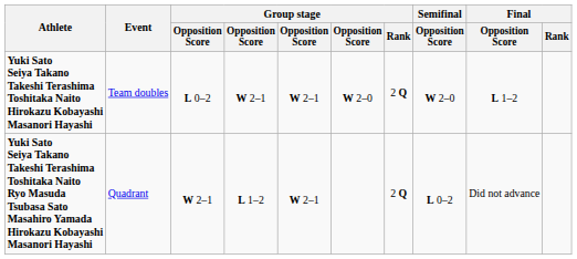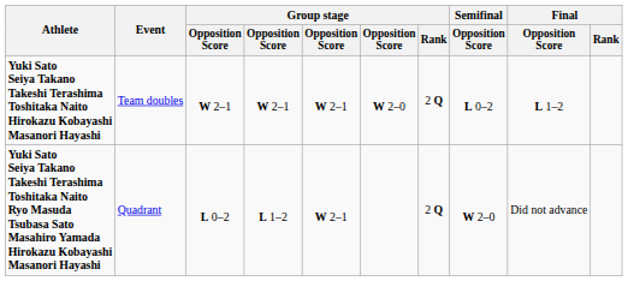 <table class=wikitable style=font-size:90%;text-align:center>
 <tr>
 <th rowspan="2">Athlete</th>
 <th rowspan="2">Event</th>
 <th colspan=5>Group stage</th>
 <th>Semifinal</th>
 <th colspan=2>Final</th>
 </tr>
 <tr style="font-size:95%">
 <th>Opposition<br>Score</th>
 <th>Opposition<br>Score</th>
 <th>Opposition<br>Score</th>
 <th>Opposition<br>Score</th>
 <th>Rank</th>
 <th>Opposition<br>Score</th>
 <th>Opposition<br>Score</th>
 <th>Rank</th>
 </tr>
 <tr>
 <td style="text-align:left"><strong>Yuki Sato<br>Seiya Takano<br>Takeshi Terashima<br>Toshitaka Naito<br>Hirokazu Kobayashi<br>Masanori Hayashi</strong></td>
 <td style="text-align:left"><a href='#'>Team doubles</a></td>
-<td><br><strong>L</strong> 0–2</td>
+<td><br><strong>W</strong> 2–1</td>
 <td><br><strong>W</strong> 2–1</td>
 <td><br><strong>W</strong> 2–1</td>
 <td><br><strong>W</strong> 2–0</td>
 <td>2 <strong>Q</strong></td>
-<td><br><strong>W</strong> 2–0</td>
+<td><br><strong>L</strong> 0–2</td>
 <td><br><strong>L</strong> 1–2</td>
 <td></td>
 </tr>
 <tr>
 <td style="text-align:left"><strong>Yuki Sato<br>Seiya Takano<br>Takeshi Terashima<br>Toshitaka Naito<br>Ryo Masuda<br>Tsubasa Sato<br>Masahiro Yamada<br>Hirokazu Kobayashi<br>Masanori Hayashi</strong></td>
 <td style="text-align:left"><a href='#'>Quadrant</a></td>
-<td><br><strong>W</strong> 2–1</td>
+<td><br><strong>L</strong> 0–2</td>
 <td><br><strong>L</strong> 1–2</td>
 <td><br><strong>W</strong> 2–1</td>
 <td></td>
 <td>2 <strong>Q</strong></td>
-<td><br><strong>L</strong> 0–2</td>
+<td><br><strong>W</strong> 2–0</td>
 <td>Did not advance</td>
 <td></td>
 </tr>
 </table>
